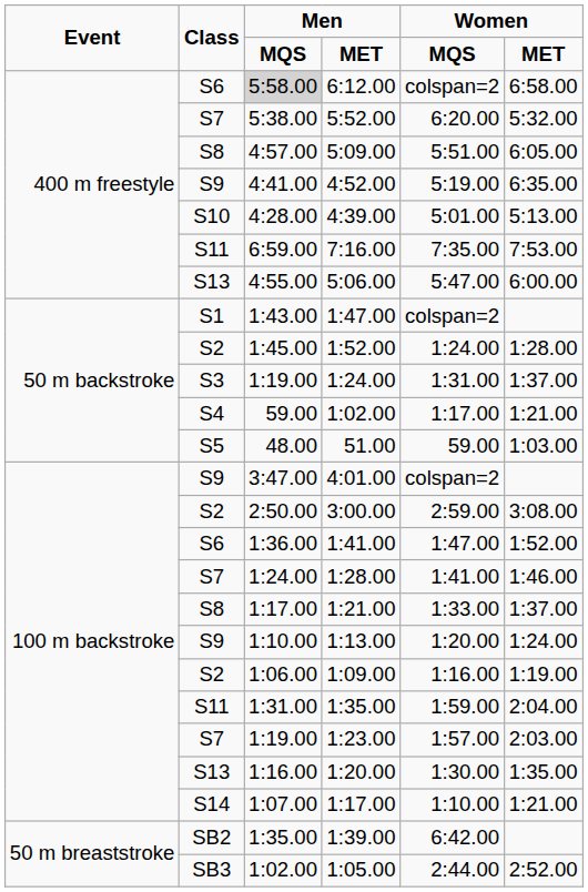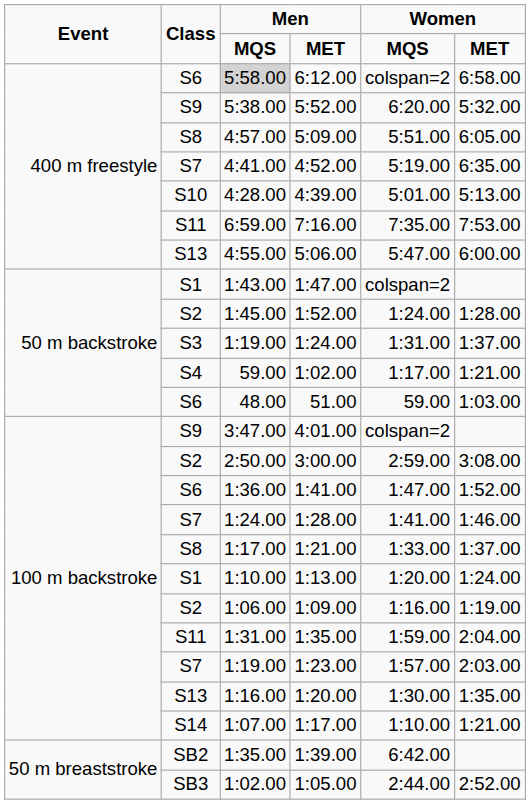 <table class="wikitable" style="text-align:right">
 <tr>
 <td align="center" rowspan="2"><strong>Event</strong></td>
 <td align="center" rowspan="2"><strong>Class</strong></td>
 <td align="center" colspan="2"><strong>Men</strong></td>
 <td align="center" colspan="2"><strong>Women</strong></td>
 </tr>
 <tr>
 <td align="center"><strong>MQS</strong></td>
 <td align="center"><strong>MET</strong></td>
 <td align="center"><strong>MQS</strong></td>
 <td align="center"><strong>MET</strong></td>
 </tr>
 <tr>
 <td rowspan="7">400 m freestyle</td>
 <td align="center">S6</td>
 <td style="background: lightgrey;">5:58.00</td>
 <td>6:12.00</td>
 <td>colspan=2 </td>
 <td>6:58.00</td>
 </tr>
 <tr>
-<td align="center">S7</td>
+<td align="center">S9</td>
 <td>5:38.00</td>
 <td>5:52.00</td>
 <td>6:20.00</td>
 <td>5:32.00</td>
 </tr>
 <tr>
 <td align="center">S8</td>
 <td>4:57.00</td>
 <td>5:09.00</td>
 <td>5:51.00</td>
 <td>6:05.00</td>
 </tr>
 <tr>
-<td align="center">S9</td>
+<td align="center">S7</td>
 <td>4:41.00</td>
 <td>4:52.00</td>
 <td>5:19.00</td>
 <td>6:35.00</td>
 </tr>
 <tr>
 <td align="center">S10</td>
 <td>4:28.00</td>
 <td>4:39.00</td>
 <td>5:01.00</td>
 <td>5:13.00</td>
 </tr>
 <tr>
 <td align="center">S11</td>
 <td>6:59.00</td>
 <td>7:16.00</td>
 <td>7:35.00</td>
 <td>7:53.00</td>
 </tr>
 <tr>
 <td align="center">S13</td>
 <td>4:55.00</td>
 <td>5:06.00</td>
 <td>5:47.00</td>
 <td>6:00.00</td>
 </tr>
 <tr>
 <td rowspan="5">50 m backstroke</td>
 <td align="center">S1</td>
 <td>1:43.00</td>
 <td>1:47.00</td>
 <td>colspan=2 </td>
 </tr>
 <tr>
 <td align="center">S2</td>
 <td>1:45.00</td>
 <td>1:52.00</td>
 <td>1:24.00</td>
 <td>1:28.00</td>
 </tr>
 <tr>
 <td align="center">S3</td>
 <td>1:19.00</td>
 <td>1:24.00</td>
 <td>1:31.00</td>
 <td>1:37.00</td>
 </tr>
 <tr>
 <td align="center">S4</td>
 <td>59.00</td>
 <td>1:02.00</td>
 <td>1:17.00</td>
 <td>1:21.00</td>
 </tr>
 <tr>
-<td align="center">S5</td>
+<td align="center">S6</td>
 <td>48.00</td>
 <td>51.00</td>
 <td>59.00</td>
 <td>1:03.00</td>
 </tr>
 <tr>
 <td rowspan="11">100 m backstroke</td>
 <td align="center">S9</td>
 <td>3:47.00</td>
 <td>4:01.00</td>
 <td>colspan=2 </td>
 </tr>
 <tr>
 <td align="center">S2</td>
 <td>2:50.00</td>
 <td>3:00.00</td>
 <td>2:59.00</td>
 <td>3:08.00</td>
 </tr>
 <tr>
 <td align="center">S6</td>
 <td>1:36.00</td>
 <td>1:41.00</td>
 <td>1:47.00</td>
 <td>1:52.00</td>
 </tr>
 <tr>
 <td align="center">S7</td>
 <td>1:24.00</td>
 <td>1:28.00</td>
 <td>1:41.00</td>
 <td>1:46.00</td>
 </tr>
 <tr>
 <td align="center">S8</td>
 <td>1:17.00</td>
 <td>1:21.00</td>
 <td>1:33.00</td>
 <td>1:37.00</td>
 </tr>
 <tr>
-<td align="center">S9</td>
+<td align="center">S1</td>
 <td>1:10.00</td>
 <td>1:13.00</td>
 <td>1:20.00</td>
 <td>1:24.00</td>
 </tr>
 <tr>
 <td align="center">S2</td>
 <td>1:06.00</td>
 <td>1:09.00</td>
 <td>1:16.00</td>
 <td>1:19.00</td>
 </tr>
 <tr>
 <td align="center">S11</td>
 <td>1:31.00</td>
 <td>1:35.00</td>
 <td>1:59.00</td>
 <td>2:04.00</td>
 </tr>
 <tr>
 <td align="center">S7</td>
 <td>1:19.00</td>
 <td>1:23.00</td>
 <td>1:57.00</td>
 <td>2:03.00</td>
 </tr>
 <tr>
 <td align="center">S13</td>
 <td>1:16.00</td>
 <td>1:20.00</td>
 <td>1:30.00</td>
 <td>1:35.00</td>
 </tr>
 <tr>
 <td align="center">S14</td>
 <td>1:07.00</td>
 <td>1:17.00</td>
 <td>1:10.00</td>
 <td>1:21.00</td>
 </tr>
 <tr>
 <td rowspan="2">50 m breaststroke</td>
 <td align="center">SB2</td>
 <td>1:35.00</td>
 <td>1:39.00</td>
 <td>6:42.00</td>
 </tr>
 <tr>
 <td align="center">SB3</td>
 <td>1:02.00</td>
 <td>1:05.00</td>
 <td>2:44.00</td>
 <td>2:52.00</td>
 </tr>
 </table>
